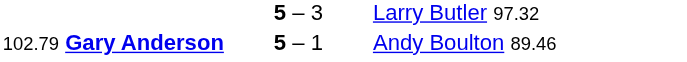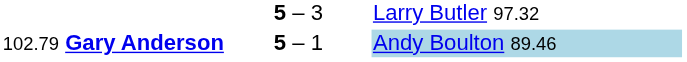 <table style="text-align:center">
 <tr>
 <th width=223></th>
 <th width=100></th>
 <th width=223></th>
 </tr>
 <tr>
 <td align=right></td>
 <td><strong>5</strong> – 3</td>
 <td align=left> <a href='#'>Larry Butler</a> <small><span>97.32</span></small></td>
 </tr>
 <tr>
 <td align=right><small><span>102.79</span></small> <strong><a href='#'>Gary Anderson</a></strong> </td>
 <td><strong>5</strong> – 1</td>
-<td align=left> <a href='#'>Andy Boulton</a> <small><span>89.46</span></small></td>
+<td align=left style="background: lightblue;"> <a href='#'>Andy Boulton</a> <small><span>89.46</span></small></td>
 </tr>
 </table>
